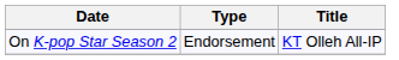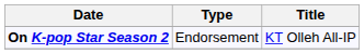 <table class="wikitable">
 <tr>
 <th align="center">Date</th>
 <th align="center">Type</th>
 <th align="center">Title</th>
 </tr>
 <tr>
 </tr>
 <tr bgcolor="#F8F8FF">
-<td align="center">On <em><a href='#'>K-pop Star Season 2</a></em></td>
+<td align="center"><strong>On <em><a href='#'>K-pop Star Season 2</a></em></strong></td>
 <td align="left">Endorsement</td>
 <td align="left"><a href='#'>KT</a> Olleh All-IP</td>
 </tr>
 <tr>
 </tr>
 </table>
